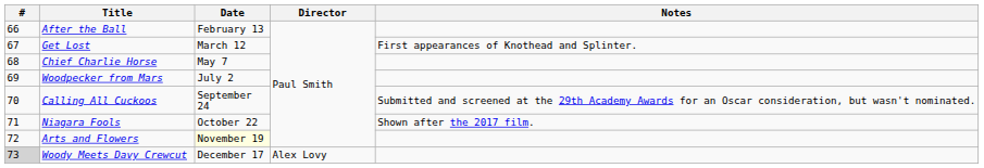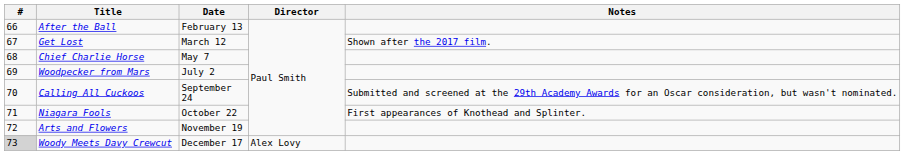 <table class="wikitable">
 <tr>
 <th style="width:3em">#</th>
 <th style="width:15em">Title</th>
 <th style="width:7em">Date</th>
 <th style="width:10em">Director</th>
 <th>Notes</th>
 </tr>
 <tr>
 <td>66</td>
 <td><em><a href='#'>After the Ball</a></em></td>
 <td>February 13</td>
 <td rowspan="7">Paul Smith</td>
 <td></td>
 </tr>
 <tr>
 <td>67</td>
 <td><em><a href='#'>Get Lost</a></em></td>
 <td>March 12</td>
-<td>First appearances of Knothead and Splinter.</td>
+<td>Shown after <a href='#'>the 2017 film</a>.</td>
 </tr>
 <tr>
 <td>68</td>
 <td><em><a href='#'>Chief Charlie Horse</a></em></td>
 <td>May 7</td>
 <td></td>
 </tr>
 <tr>
 <td>69</td>
 <td><em><a href='#'>Woodpecker from Mars</a></em></td>
 <td>July 2</td>
 <td></td>
 </tr>
 <tr>
 <td>70</td>
 <td><em><a href='#'>Calling All Cuckoos</a></em></td>
 <td>September 24</td>
 <td>Submitted and screened at the <a href='#'>29th Academy Awards</a> for an Oscar consideration, but wasn't nominated.</td>
 </tr>
 <tr>
 <td>71</td>
 <td><em><a href='#'>Niagara Fools</a></em></td>
 <td>October 22</td>
-<td>Shown after <a href='#'>the 2017 film</a>.</td>
+<td>First appearances of Knothead and Splinter.</td>
 </tr>
 <tr>
 <td>72</td>
 <td><em><a href='#'>Arts and Flowers</a></em></td>
-<td style="background: lightyellow;">November 19</td>
+<td>November 19</td>
 <td></td>
 </tr>
 <tr>
 <td style="background: lightgrey;">73</td>
 <td><em><a href='#'>Woody Meets Davy Crewcut</a></em></td>
 <td>December 17</td>
 <td>Alex Lovy</td>
 <td></td>
 </tr>
 </table>
